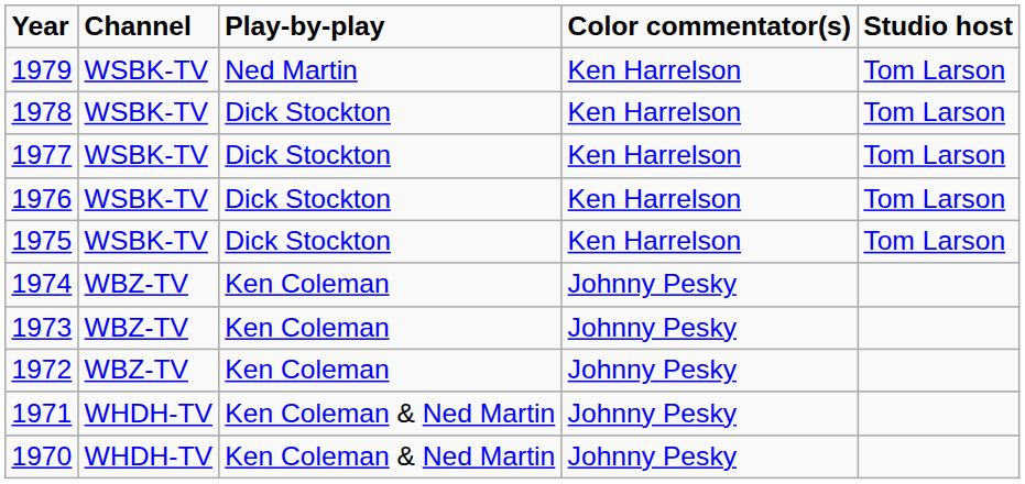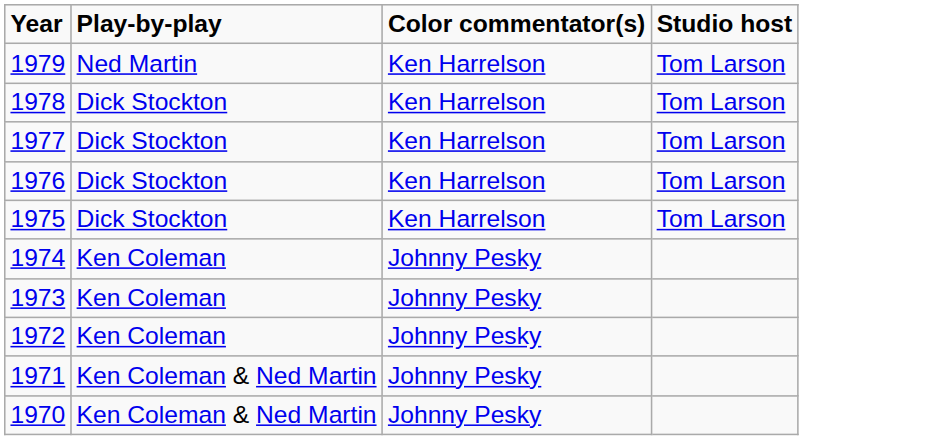 <table class="wikitable">
 <tr>
 <td><strong>Year</strong></td>
-<td><strong>Channel</strong></td>
 <td><strong>Play-by-play</strong></td>
 <td><strong>Color commentator(s)</strong></td>
 <td><strong>Studio host</strong></td>
 </tr>
 <tr>
 <td><a href='#'>1979</a></td>
-<td><a href='#'>WSBK-TV</a></td>
 <td><a href='#'>Ned Martin</a></td>
 <td><a href='#'>Ken Harrelson</a></td>
 <td><a href='#'>Tom Larson</a></td>
 </tr>
 <tr>
 <td><a href='#'>1978</a></td>
-<td><a href='#'>WSBK-TV</a></td>
 <td><a href='#'>Dick Stockton</a></td>
 <td><a href='#'>Ken Harrelson</a></td>
 <td><a href='#'>Tom Larson</a></td>
 </tr>
 <tr>
 <td><a href='#'>1977</a></td>
-<td><a href='#'>WSBK-TV</a></td>
 <td><a href='#'>Dick Stockton</a></td>
 <td><a href='#'>Ken Harrelson</a></td>
 <td><a href='#'>Tom Larson</a></td>
 </tr>
 <tr>
 <td><a href='#'>1976</a></td>
-<td><a href='#'>WSBK-TV</a></td>
 <td><a href='#'>Dick Stockton</a></td>
 <td><a href='#'>Ken Harrelson</a></td>
 <td><a href='#'>Tom Larson</a></td>
 </tr>
 <tr>
 <td><a href='#'>1975</a></td>
-<td><a href='#'>WSBK-TV</a></td>
 <td><a href='#'>Dick Stockton</a></td>
 <td><a href='#'>Ken Harrelson</a></td>
 <td><a href='#'>Tom Larson</a></td>
 </tr>
 <tr>
 <td><a href='#'>1974</a></td>
-<td><a href='#'>WBZ-TV</a></td>
 <td><a href='#'>Ken Coleman</a></td>
 <td><a href='#'>Johnny Pesky</a></td>
 <td></td>
 </tr>
 <tr>
 <td><a href='#'>1973</a></td>
-<td><a href='#'>WBZ-TV</a></td>
 <td><a href='#'>Ken Coleman</a></td>
 <td><a href='#'>Johnny Pesky</a></td>
 <td></td>
 </tr>
 <tr>
 <td><a href='#'>1972</a></td>
-<td><a href='#'>WBZ-TV</a></td>
 <td><a href='#'>Ken Coleman</a></td>
 <td><a href='#'>Johnny Pesky</a></td>
 <td></td>
 </tr>
 <tr>
 <td><a href='#'>1971</a></td>
-<td><a href='#'>WHDH-TV</a></td>
 <td><a href='#'>Ken Coleman</a> & <a href='#'>Ned Martin</a></td>
 <td><a href='#'>Johnny Pesky</a></td>
 <td></td>
 </tr>
 <tr>
 <td><a href='#'>1970</a></td>
-<td><a href='#'>WHDH-TV</a></td>
 <td><a href='#'>Ken Coleman</a> & <a href='#'>Ned Martin</a></td>
 <td><a href='#'>Johnny Pesky</a></td>
 <td></td>
 </tr>
 </table>
